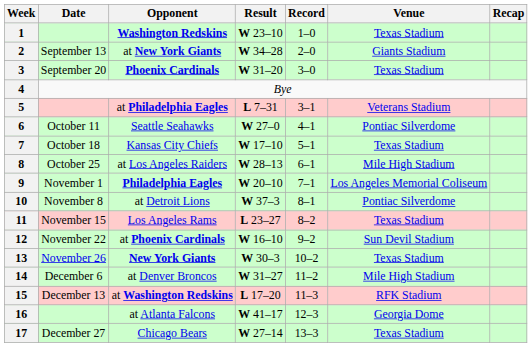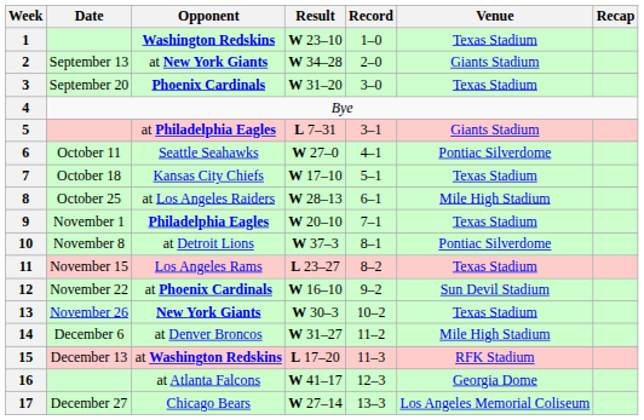 <table class="wikitable" style="text-align:center">
 <tr>
 <th>Week</th>
 <th>Date</th>
 <th>Opponent</th>
 <th>Result</th>
 <th>Record</th>
 <th>Venue</th>
 <th>Recap</th>
 </tr>
 <tr bgcolor="#cfc">
 <th>1</th>
 <td></td>
 <td><strong><a href='#'>Washington Redskins</a></strong></td>
 <td><strong>W</strong> 23–10</td>
 <td>1–0</td>
 <td><a href='#'>Texas Stadium</a></td>
 <td></td>
 </tr>
 <tr bgcolor="#cfc">
 <th>2</th>
 <td>September 13</td>
 <td>at <strong><a href='#'>New York Giants</a></strong></td>
 <td><strong>W</strong> 34–28</td>
 <td>2–0</td>
 <td><a href='#'>Giants Stadium</a></td>
 <td></td>
 </tr>
 <tr bgcolor="#cfc">
 <th>3</th>
 <td>September 20</td>
 <td><strong><a href='#'>Phoenix Cardinals</a></strong></td>
 <td><strong>W</strong> 31–20</td>
 <td>3–0</td>
 <td><a href='#'>Texas Stadium</a></td>
 <td></td>
 </tr>
 <tr>
 <th>4</th>
 <td colspan="6" style="text-align:center;"><em>Bye</em></td>
 </tr>
 <tr bgcolor="#fcc">
 <th>5</th>
 <td></td>
 <td>at <strong><a href='#'>Philadelphia Eagles</a></strong></td>
 <td><strong>L</strong> 7–31</td>
 <td>3–1</td>
-<td><a href='#'>Veterans Stadium</a></td>
+<td><a href='#'>Giants Stadium</a></td>
 <td></td>
 </tr>
 <tr bgcolor="#cfc">
 <th>6</th>
 <td>October 11</td>
 <td><a href='#'>Seattle Seahawks</a></td>
 <td><strong>W</strong> 27–0</td>
 <td>4–1</td>
 <td><a href='#'>Pontiac Silverdome</a></td>
 <td></td>
 </tr>
 <tr bgcolor="#cfc">
 <th>7</th>
 <td>October 18</td>
 <td><a href='#'>Kansas City Chiefs</a></td>
 <td><strong>W</strong> 17–10</td>
 <td>5–1</td>
 <td><a href='#'>Texas Stadium</a></td>
 <td></td>
 </tr>
 <tr bgcolor="#cfc">
 <th>8</th>
 <td>October 25</td>
 <td>at <a href='#'>Los Angeles Raiders</a></td>
 <td><strong>W</strong> 28–13</td>
 <td>6–1</td>
 <td><a href='#'>Mile High Stadium</a></td>
 <td></td>
 </tr>
 <tr bgcolor="#cfc">
 <th>9</th>
 <td>November 1</td>
 <td><strong><a href='#'>Philadelphia Eagles</a></strong></td>
 <td><strong>W</strong> 20–10</td>
 <td>7–1</td>
-<td><a href='#'>Los Angeles Memorial Coliseum</a></td>
+<td><a href='#'>Texas Stadium</a></td>
 <td></td>
 </tr>
 <tr bgcolor="#cfc">
 <th>10</th>
 <td>November 8</td>
 <td>at <a href='#'>Detroit Lions</a></td>
 <td><strong>W</strong> 37–3</td>
 <td>8–1</td>
 <td><a href='#'>Pontiac Silverdome</a></td>
 <td></td>
 </tr>
 <tr bgcolor="#fcc">
 <th>11</th>
 <td>November 15</td>
 <td><a href='#'>Los Angeles Rams</a></td>
 <td><strong>L</strong> 23–27</td>
 <td>8–2</td>
 <td><a href='#'>Texas Stadium</a></td>
 <td></td>
 </tr>
 <tr bgcolor="#cfc">
 <th>12</th>
 <td>November 22</td>
 <td>at <strong><a href='#'>Phoenix Cardinals</a></strong></td>
 <td><strong>W</strong> 16–10</td>
 <td>9–2</td>
 <td><a href='#'>Sun Devil Stadium</a></td>
 <td></td>
 </tr>
 <tr bgcolor="#cfc">
 <th>13</th>
 <td><a href='#'>November 26</a></td>
 <td><strong><a href='#'>New York Giants</a></strong></td>
 <td><strong>W</strong> 30–3</td>
 <td>10–2</td>
 <td><a href='#'>Texas Stadium</a></td>
 <td></td>
 </tr>
 <tr bgcolor="#cfc">
 <th>14</th>
 <td>December 6</td>
 <td>at <a href='#'>Denver Broncos</a></td>
 <td><strong>W</strong> 31–27</td>
 <td>11–2</td>
 <td><a href='#'>Mile High Stadium</a></td>
 <td></td>
 </tr>
 <tr bgcolor="#fcc">
 <th>15</th>
 <td>December 13</td>
 <td>at <strong><a href='#'>Washington Redskins</a></strong></td>
 <td><strong>L</strong> 17–20</td>
 <td>11–3</td>
 <td><a href='#'>RFK Stadium</a></td>
 <td></td>
 </tr>
 <tr bgcolor="#cfc">
 <th>16</th>
 <td></td>
 <td>at <a href='#'>Atlanta Falcons</a></td>
 <td><strong>W</strong> 41–17</td>
 <td>12–3</td>
 <td><a href='#'>Georgia Dome</a></td>
 <td></td>
 </tr>
 <tr bgcolor="#cfc">
 <th>17</th>
 <td>December 27</td>
 <td><a href='#'>Chicago Bears</a></td>
 <td><strong>W</strong> 27–14</td>
 <td>13–3</td>
-<td><a href='#'>Texas Stadium</a></td>
+<td><a href='#'>Los Angeles Memorial Coliseum</a></td>
 <td></td>
 </tr>
 </table>
